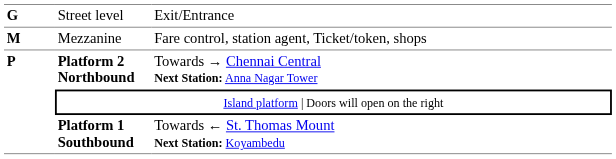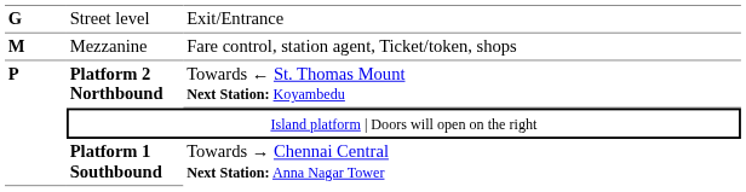 <table table border=0 cellspacing=0 cellpadding=3>
 <tr>
 <td style="border-top:solid 1px gray;border-bottom:solid 1px gray;" width=50 valign=top><strong>G</strong></td>
 <td style="border-top:solid 1px gray;border-bottom:solid 1px gray;" width=100 valign=top>Street level</td>
 <td style="border-top:solid 1px gray;border-bottom:solid 1px gray;" width=390 valign=top>Exit/Entrance</td>
 </tr>
 <tr>
 <td style="border-bottom:solid 1px gray;"><strong>M</strong></td>
 <td style="border-bottom:solid 1px gray;">Mezzanine</td>
 <td style="border-bottom:solid 1px gray;">Fare control, station agent, Ticket/token, shops</td>
 </tr>
 <tr>
 <td style="border-bottom:solid 1px gray;" width=50 rowspan=3 valign=top><strong>P</strong></td>
 <td style="border-bottom:solid 1px white;" width=100><span><strong>Platform 2</strong><br><strong>Northbound</strong></span></td>
-<td style="border-bottom:solid 1px white;" width=500>Towards → <a href='#'>Chennai Central</a><br><small><strong>Next Station:</strong> <a href='#'>Anna Nagar Tower</a></small></td>
+<td style="border-bottom:solid 1px gray;" width="500">Towards ← <a href='#'>St. Thomas Mount</a><br><small><strong>Next Station:</strong> <a href='#'>Koyambedu</a></small></td>
 </tr>
 <tr>
 <td style="border-top:solid 2px black;border-right:solid 2px black;border-left:solid 2px black;border-bottom:solid 2px black;text-align:center;" colspan=2><small><a href='#'>Island platform</a> | Doors will open on the right </small></td>
 </tr>
 <tr>
 <td style="border-bottom:solid 1px gray;" width=100><span><strong>Platform 1</strong><br><strong>Southbound</strong></span></td>
-<td style="border-bottom:solid 1px gray;" width="500">Towards ← <a href='#'>St. Thomas Mount</a><br><small><strong>Next Station:</strong> <a href='#'>Koyambedu</a></small></td>
+<td style="border-bottom:solid 1px white;" width=500>Towards → <a href='#'>Chennai Central</a><br><small><strong>Next Station:</strong> <a href='#'>Anna Nagar Tower</a></small></td>
 </tr>
 </table>
